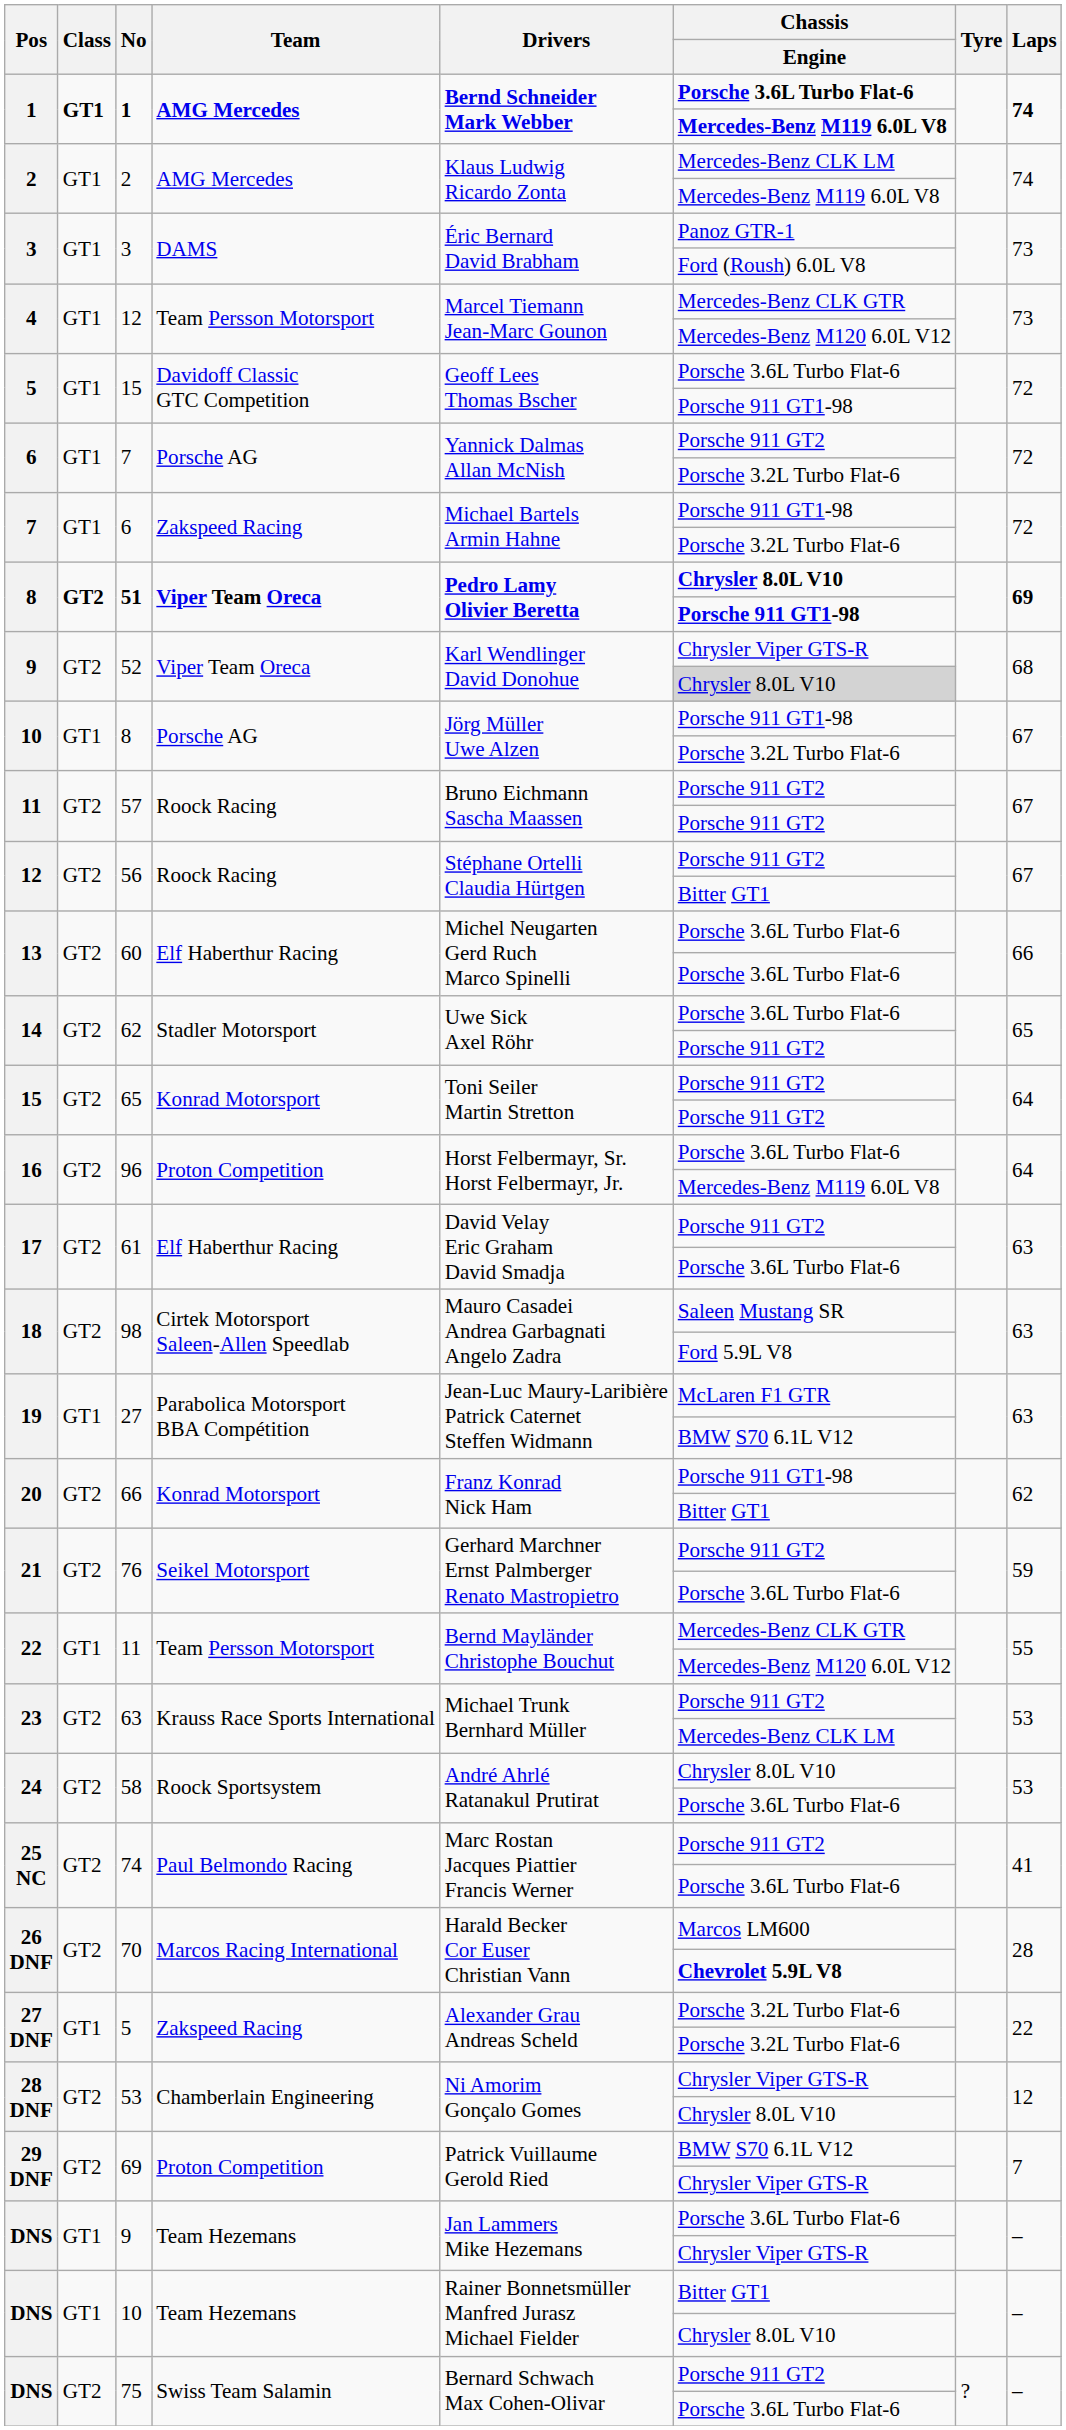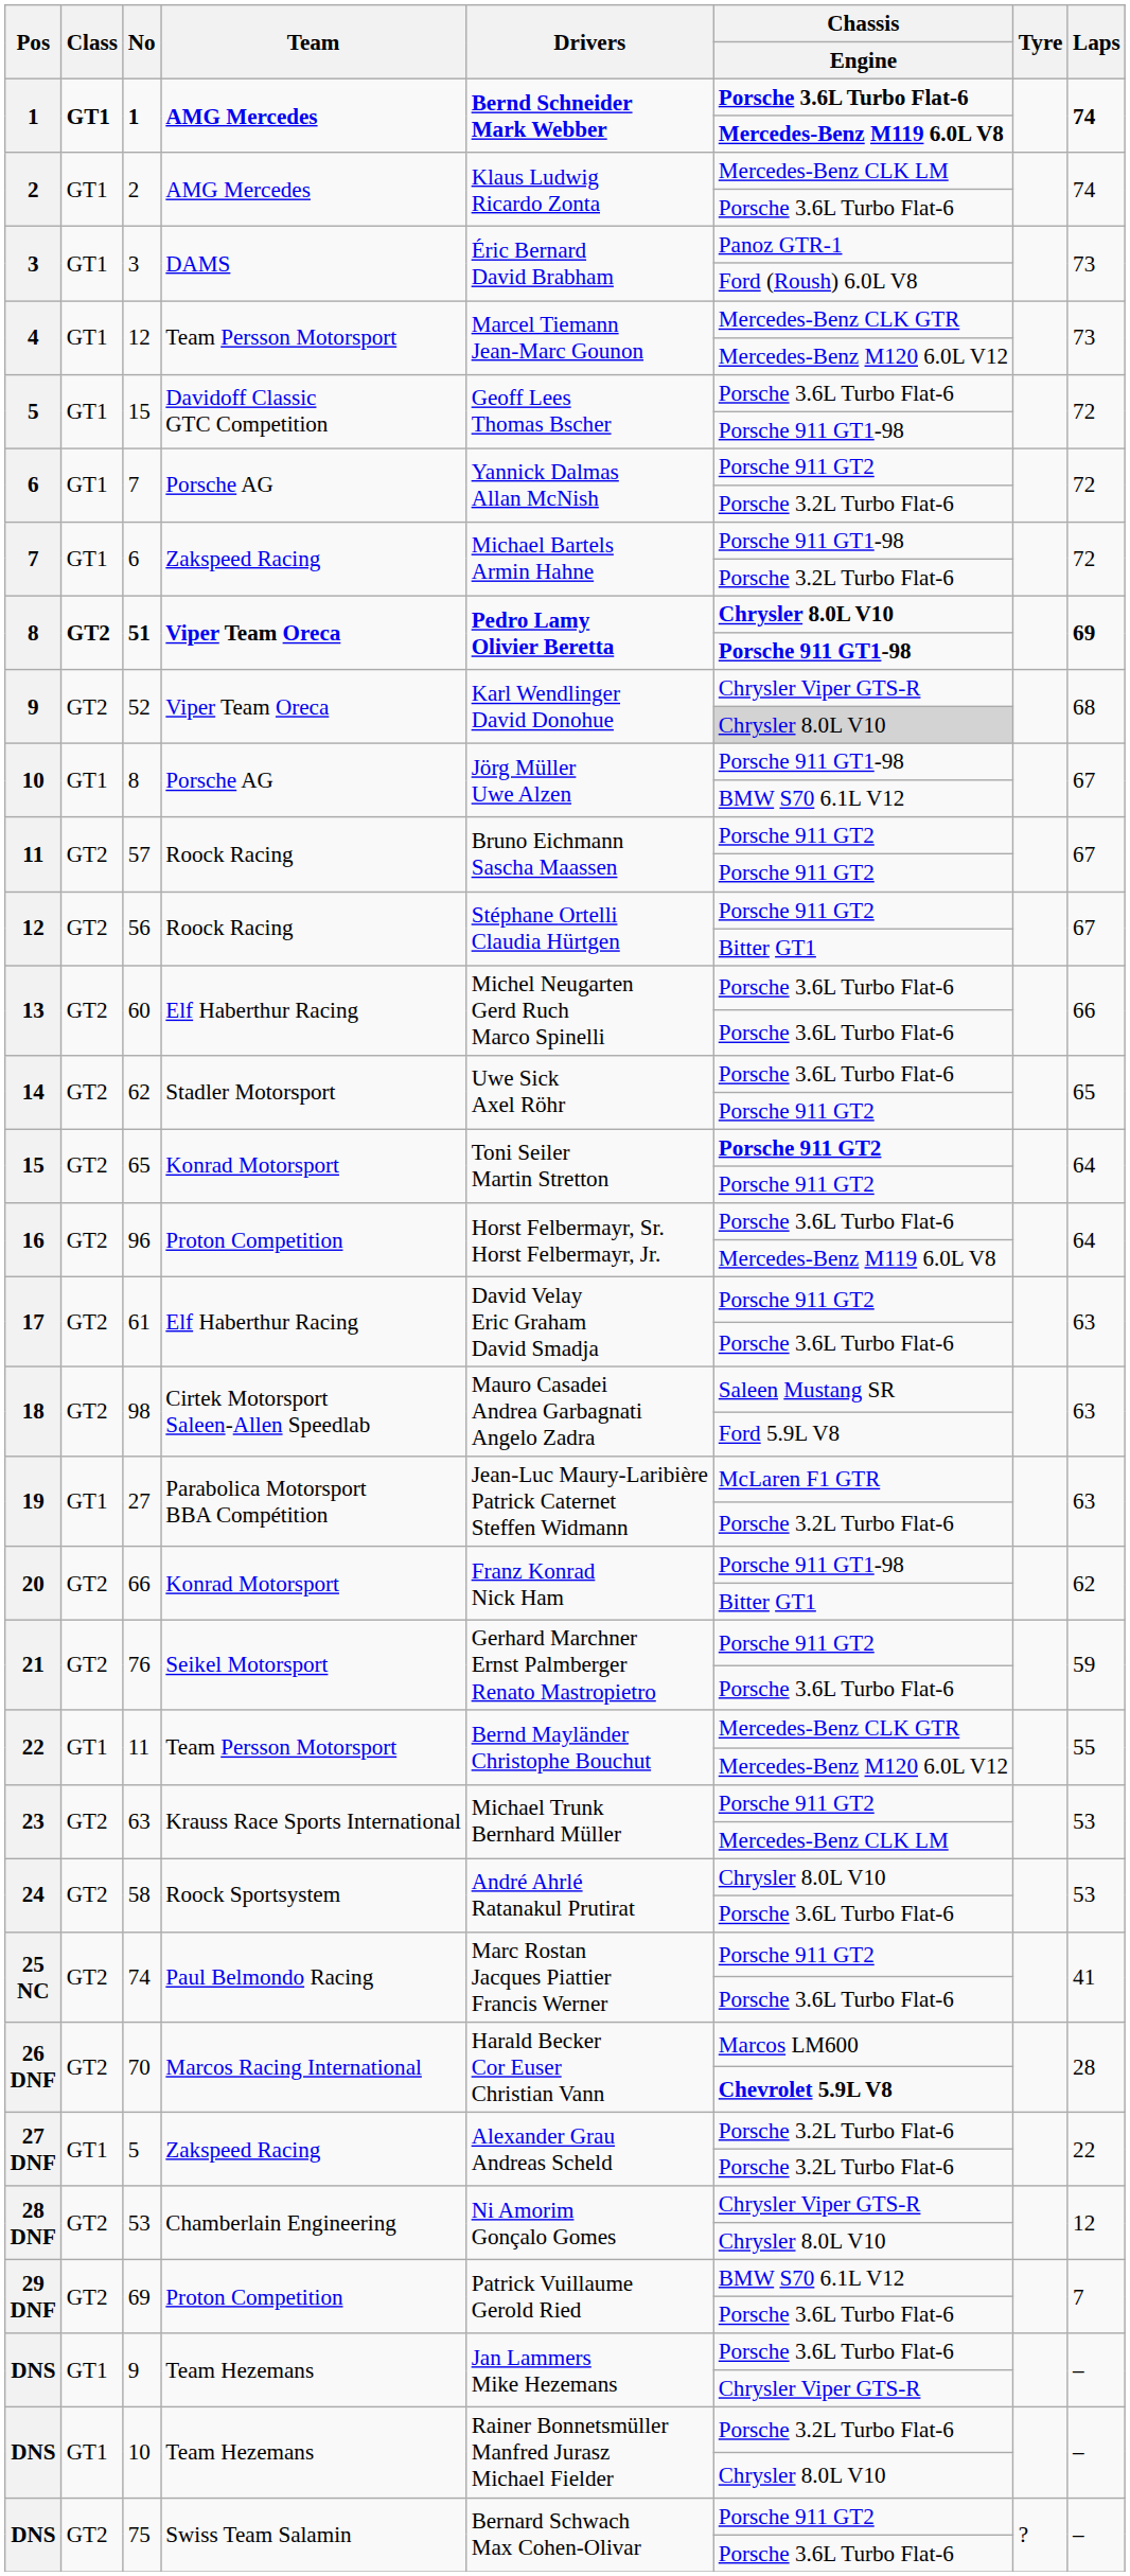 <table class="wikitable" style="font-size: 95%;">
 <tr>
 <th rowspan=2>Pos</th>
 <th rowspan=2>Class</th>
 <th rowspan=2>No</th>
 <th rowspan=2>Team</th>
 <th rowspan=2>Drivers</th>
 <th>Chassis</th>
 <th rowspan=2>Tyre</th>
 <th rowspan=2>Laps</th>
 </tr>
 <tr>
 <th>Engine</th>
 </tr>
 <tr style="font-weight:bold">
 <th rowspan=2>1</th>
 <td rowspan=2>GT1</td>
 <td rowspan=2>1</td>
 <td rowspan=2> <a href='#'>AMG Mercedes</a></td>
 <td rowspan=2> <a href='#'>Bernd Schneider</a><br> <a href='#'>Mark Webber</a></td>
 <td><a href='#'>Porsche</a> 3.6L Turbo Flat-6</td>
 <td rowspan=2></td>
 <td rowspan=2>74</td>
 </tr>
 <tr style="font-weight:bold">
 <td><a href='#'>Mercedes-Benz</a> <a href='#'>M119</a> 6.0L V8</td>
 </tr>
 <tr>
 <th rowspan=2>2</th>
 <td rowspan=2>GT1</td>
 <td rowspan=2>2</td>
 <td rowspan=2> <a href='#'>AMG Mercedes</a></td>
 <td rowspan=2> <a href='#'>Klaus Ludwig</a><br> <a href='#'>Ricardo Zonta</a></td>
 <td><a href='#'>Mercedes-Benz CLK LM</a></td>
 <td rowspan=2></td>
 <td rowspan=2>74</td>
 </tr>
 <tr>
-<td><a href='#'>Mercedes-Benz</a> <a href='#'>M119</a> 6.0L V8</td>
+<td><a href='#'>Porsche</a> 3.6L Turbo Flat-6</td>
 </tr>
 <tr>
 <th rowspan=2>3</th>
 <td rowspan=2>GT1</td>
 <td rowspan=2>3</td>
 <td rowspan=2> <a href='#'>DAMS</a></td>
 <td rowspan=2> <a href='#'>Éric Bernard</a><br> <a href='#'>David Brabham</a></td>
 <td><a href='#'>Panoz GTR-1</a></td>
 <td rowspan=2></td>
 <td rowspan=2>73</td>
 </tr>
 <tr>
 <td><a href='#'>Ford</a> (<a href='#'>Roush</a>) 6.0L V8</td>
 </tr>
 <tr>
 <th rowspan=2>4</th>
 <td rowspan=2>GT1</td>
 <td rowspan=2>12</td>
 <td rowspan=2> Team <a href='#'>Persson Motorsport</a></td>
 <td rowspan=2> <a href='#'>Marcel Tiemann</a><br> <a href='#'>Jean-Marc Gounon</a></td>
 <td><a href='#'>Mercedes-Benz CLK GTR</a></td>
 <td rowspan=2></td>
 <td rowspan=2>73</td>
 </tr>
 <tr>
 <td><a href='#'>Mercedes-Benz</a> <a href='#'>M120</a> 6.0L V12</td>
 </tr>
 <tr>
 <th rowspan=2>5</th>
 <td rowspan=2>GT1</td>
 <td rowspan=2>15</td>
 <td rowspan=2> <a href='#'>Davidoff Classic</a><br> GTC Competition</td>
 <td rowspan=2> <a href='#'>Geoff Lees</a><br> <a href='#'>Thomas Bscher</a></td>
 <td><a href='#'>Porsche</a> 3.6L Turbo Flat-6</td>
 <td rowspan=2></td>
 <td rowspan=2>72</td>
 </tr>
 <tr>
 <td><a href='#'>Porsche 911 GT1</a>-98</td>
 </tr>
 <tr>
 <th rowspan=2>6</th>
 <td rowspan=2>GT1</td>
 <td rowspan=2>7</td>
 <td rowspan=2> <a href='#'>Porsche</a> AG</td>
 <td rowspan=2> <a href='#'>Yannick Dalmas</a><br> <a href='#'>Allan McNish</a></td>
 <td><a href='#'>Porsche 911 GT2</a></td>
 <td rowspan=2></td>
 <td rowspan=2>72</td>
 </tr>
 <tr>
 <td><a href='#'>Porsche</a> 3.2L Turbo Flat-6</td>
 </tr>
 <tr>
 <th rowspan=2>7</th>
 <td rowspan=2>GT1</td>
 <td rowspan=2>6</td>
 <td rowspan=2> <a href='#'>Zakspeed Racing</a></td>
 <td rowspan=2> <a href='#'>Michael Bartels</a><br> <a href='#'>Armin Hahne</a></td>
 <td><a href='#'>Porsche 911 GT1</a>-98</td>
 <td rowspan=2></td>
 <td rowspan=2>72</td>
 </tr>
 <tr>
 <td><a href='#'>Porsche</a> 3.2L Turbo Flat-6</td>
 </tr>
 <tr style="font-weight:bold">
 <th rowspan=2>8</th>
 <td rowspan=2>GT2</td>
 <td rowspan=2>51</td>
 <td rowspan=2> <a href='#'>Viper</a> Team <a href='#'>Oreca</a></td>
 <td rowspan=2> <a href='#'>Pedro Lamy</a><br> <a href='#'>Olivier Beretta</a></td>
 <td><a href='#'>Chrysler</a> 8.0L V10</td>
 <td rowspan=2></td>
 <td rowspan=2>69</td>
 </tr>
 <tr style="font-weight:bold">
 <td><a href='#'>Porsche 911 GT1</a>-98</td>
 </tr>
 <tr>
 <th rowspan=2>9</th>
 <td rowspan=2>GT2</td>
 <td rowspan=2>52</td>
 <td rowspan=2> <a href='#'>Viper</a> Team <a href='#'>Oreca</a></td>
 <td rowspan=2> <a href='#'>Karl Wendlinger</a><br> <a href='#'>David Donohue</a></td>
 <td><a href='#'>Chrysler Viper GTS-R</a></td>
 <td rowspan=2></td>
 <td rowspan=2>68</td>
 </tr>
 <tr>
 <td style="background: lightgrey;"><a href='#'>Chrysler</a> 8.0L V10</td>
 </tr>
 <tr>
 <th rowspan=2>10</th>
 <td rowspan=2>GT1</td>
 <td rowspan=2>8</td>
 <td rowspan=2> <a href='#'>Porsche</a> AG</td>
 <td rowspan=2> <a href='#'>Jörg Müller</a><br> <a href='#'>Uwe Alzen</a></td>
 <td><a href='#'>Porsche 911 GT1</a>-98</td>
 <td rowspan=2></td>
 <td rowspan=2>67</td>
 </tr>
 <tr>
-<td><a href='#'>Porsche</a> 3.2L Turbo Flat-6</td>
+<td><a href='#'>BMW</a> <a href='#'>S70</a> 6.1L V12</td>
 </tr>
 <tr>
 <th rowspan=2>11</th>
 <td rowspan=2>GT2</td>
 <td rowspan=2>57</td>
 <td rowspan=2> Roock Racing</td>
 <td rowspan=2> Bruno Eichmann<br> <a href='#'>Sascha Maassen</a></td>
 <td><a href='#'>Porsche 911 GT2</a></td>
 <td rowspan=2></td>
 <td rowspan=2>67</td>
 </tr>
 <tr>
 <td><a href='#'>Porsche 911 GT2</a></td>
 </tr>
 <tr>
 <th rowspan=2>12</th>
 <td rowspan=2>GT2</td>
 <td rowspan=2>56</td>
 <td rowspan=2> Roock Racing</td>
 <td rowspan=2> <a href='#'>Stéphane Ortelli</a><br> <a href='#'>Claudia Hürtgen</a></td>
 <td><a href='#'>Porsche 911 GT2</a></td>
 <td rowspan=2></td>
 <td rowspan=2>67</td>
 </tr>
 <tr>
 <td><a href='#'>Bitter</a> <a href='#'>GT1</a></td>
 </tr>
 <tr>
 <th rowspan=2>13</th>
 <td rowspan=2>GT2</td>
 <td rowspan=2>60</td>
 <td rowspan=2> <a href='#'>Elf</a> Haberthur Racing</td>
 <td rowspan=2> Michel Neugarten<br> Gerd Ruch<br> Marco Spinelli</td>
 <td><a href='#'>Porsche</a> 3.6L Turbo Flat-6</td>
 <td rowspan=2></td>
 <td rowspan=2>66</td>
 </tr>
 <tr>
 <td><a href='#'>Porsche</a> 3.6L Turbo Flat-6</td>
 </tr>
 <tr>
 <th rowspan=2>14</th>
 <td rowspan=2>GT2</td>
 <td rowspan=2>62</td>
 <td rowspan=2> Stadler Motorsport</td>
 <td rowspan=2> Uwe Sick<br> Axel Röhr</td>
 <td><a href='#'>Porsche</a> 3.6L Turbo Flat-6</td>
 <td rowspan=2></td>
 <td rowspan=2>65</td>
 </tr>
 <tr>
 <td><a href='#'>Porsche 911 GT2</a></td>
 </tr>
 <tr>
 <th rowspan=2>15</th>
 <td rowspan=2>GT2</td>
 <td rowspan=2>65</td>
 <td rowspan=2> <a href='#'>Konrad Motorsport</a></td>
 <td rowspan=2> Toni Seiler<br> Martin Stretton</td>
-<td><a href='#'>Porsche 911 GT2</a></td>
+<td><strong><a href='#'>Porsche 911 GT2</a></strong></td>
 <td rowspan=2></td>
 <td rowspan=2>64</td>
 </tr>
 <tr>
 <td><a href='#'>Porsche 911 GT2</a></td>
 </tr>
 <tr>
 <th rowspan=2>16</th>
 <td rowspan=2>GT2</td>
 <td rowspan=2>96</td>
 <td rowspan=2> <a href='#'>Proton Competition</a></td>
 <td rowspan=2> Horst Felbermayr, Sr.<br> Horst Felbermayr, Jr.</td>
 <td><a href='#'>Porsche</a> 3.6L Turbo Flat-6</td>
 <td rowspan=2></td>
 <td rowspan=2>64</td>
 </tr>
 <tr>
 <td><a href='#'>Mercedes-Benz</a> <a href='#'>M119</a> 6.0L V8</td>
 </tr>
 <tr>
 <th rowspan=2>17</th>
 <td rowspan=2>GT2</td>
 <td rowspan=2>61</td>
 <td rowspan=2> <a href='#'>Elf</a> Haberthur Racing</td>
 <td rowspan=2> David Velay<br> Eric Graham<br> David Smadja</td>
 <td><a href='#'>Porsche 911 GT2</a></td>
 <td rowspan=2></td>
 <td rowspan=2>63</td>
 </tr>
 <tr>
 <td><a href='#'>Porsche</a> 3.6L Turbo Flat-6</td>
 </tr>
 <tr>
 <th rowspan=2>18</th>
 <td rowspan=2>GT2</td>
 <td rowspan=2>98</td>
 <td rowspan=2> Cirtek Motorsport<br> <a href='#'>Saleen</a>-<a href='#'>Allen</a> Speedlab</td>
 <td rowspan=2> Mauro Casadei<br> Andrea Garbagnati<br> Angelo Zadra</td>
 <td><a href='#'>Saleen</a> <a href='#'>Mustang</a> SR</td>
 <td rowspan=2></td>
 <td rowspan=2>63</td>
 </tr>
 <tr>
 <td><a href='#'>Ford</a> 5.9L V8</td>
 </tr>
 <tr>
 <th rowspan=2>19</th>
 <td rowspan=2>GT1</td>
 <td rowspan=2>27</td>
 <td rowspan=2> Parabolica Motorsport<br> BBA Compétition</td>
 <td rowspan=2> Jean-Luc Maury-Laribière<br> Patrick Caternet<br> Steffen Widmann</td>
 <td><a href='#'>McLaren F1 GTR</a></td>
 <td rowspan=2></td>
 <td rowspan=2>63</td>
 </tr>
 <tr>
-<td><a href='#'>BMW</a> <a href='#'>S70</a> 6.1L V12</td>
+<td><a href='#'>Porsche</a> 3.2L Turbo Flat-6</td>
 </tr>
 <tr>
 <th rowspan=2>20</th>
 <td rowspan=2>GT2</td>
 <td rowspan=2>66</td>
 <td rowspan=2> <a href='#'>Konrad Motorsport</a></td>
 <td rowspan=2> <a href='#'>Franz Konrad</a><br> Nick Ham</td>
 <td><a href='#'>Porsche 911 GT1</a>-98</td>
 <td rowspan=2></td>
 <td rowspan=2>62</td>
 </tr>
 <tr>
 <td><a href='#'>Bitter</a> <a href='#'>GT1</a></td>
 </tr>
 <tr>
 <th rowspan=2>21</th>
 <td rowspan=2>GT2</td>
 <td rowspan=2>76</td>
 <td rowspan=2> <a href='#'>Seikel Motorsport</a></td>
 <td rowspan=2> Gerhard Marchner<br> Ernst Palmberger<br> <a href='#'>Renato Mastropietro</a></td>
 <td><a href='#'>Porsche 911 GT2</a></td>
 <td rowspan=2></td>
 <td rowspan=2>59</td>
 </tr>
 <tr>
 <td><a href='#'>Porsche</a> 3.6L Turbo Flat-6</td>
 </tr>
 <tr>
 <th rowspan=2>22</th>
 <td rowspan=2>GT1</td>
 <td rowspan=2>11</td>
 <td rowspan=2> Team <a href='#'>Persson Motorsport</a></td>
 <td rowspan=2> <a href='#'>Bernd Mayländer</a><br> <a href='#'>Christophe Bouchut</a></td>
 <td><a href='#'>Mercedes-Benz CLK GTR</a></td>
 <td rowspan=2></td>
 <td rowspan=2>55</td>
 </tr>
 <tr>
 <td><a href='#'>Mercedes-Benz</a> <a href='#'>M120</a> 6.0L V12</td>
 </tr>
 <tr>
 <th rowspan=2>23</th>
 <td rowspan=2>GT2</td>
 <td rowspan=2>63</td>
 <td rowspan=2> Krauss Race Sports International</td>
 <td rowspan=2> Michael Trunk<br> Bernhard Müller</td>
 <td><a href='#'>Porsche 911 GT2</a></td>
 <td rowspan=2></td>
 <td rowspan=2>53</td>
 </tr>
 <tr>
 <td><a href='#'>Mercedes-Benz CLK LM</a></td>
 </tr>
 <tr>
 <th rowspan=2>24</th>
 <td rowspan=2>GT2</td>
 <td rowspan=2>58</td>
 <td rowspan=2> Roock Sportsystem</td>
 <td rowspan=2> <a href='#'>André Ahrlé</a><br> Ratanakul Prutirat</td>
 <td><a href='#'>Chrysler</a> 8.0L V10</td>
 <td rowspan=2></td>
 <td rowspan=2>53</td>
 </tr>
 <tr>
 <td><a href='#'>Porsche</a> 3.6L Turbo Flat-6</td>
 </tr>
 <tr>
 <th rowspan=2>25<br>NC</th>
 <td rowspan=2>GT2</td>
 <td rowspan=2>74</td>
 <td rowspan=2> <a href='#'>Paul Belmondo</a> Racing</td>
 <td rowspan=2> Marc Rostan<br> Jacques Piattier<br> Francis Werner</td>
 <td><a href='#'>Porsche 911 GT2</a></td>
 <td rowspan=2></td>
 <td rowspan=2>41</td>
 </tr>
 <tr>
 <td><a href='#'>Porsche</a> 3.6L Turbo Flat-6</td>
 </tr>
 <tr>
 <th rowspan=2>26<br>DNF</th>
 <td rowspan=2>GT2</td>
 <td rowspan=2>70</td>
 <td rowspan=2> <a href='#'>Marcos Racing International</a></td>
 <td rowspan=2> Harald Becker<br> <a href='#'>Cor Euser</a><br> Christian Vann</td>
 <td><a href='#'>Marcos</a> LM600</td>
 <td rowspan=2></td>
 <td rowspan=2>28</td>
 </tr>
 <tr>
 <td><strong><a href='#'>Chevrolet</a> 5.9L V8</strong></td>
 </tr>
 <tr>
 <th rowspan=2>27<br>DNF</th>
 <td rowspan=2>GT1</td>
 <td rowspan=2>5</td>
 <td rowspan=2> <a href='#'>Zakspeed Racing</a></td>
 <td rowspan=2> <a href='#'>Alexander Grau</a><br> Andreas Scheld</td>
 <td><a href='#'>Porsche</a> 3.2L Turbo Flat-6</td>
 <td rowspan=2></td>
 <td rowspan=2>22</td>
 </tr>
 <tr>
 <td><a href='#'>Porsche</a> 3.2L Turbo Flat-6</td>
 </tr>
 <tr>
 <th rowspan=2>28<br>DNF</th>
 <td rowspan=2>GT2</td>
 <td rowspan=2>53</td>
 <td rowspan=2> Chamberlain Engineering</td>
 <td rowspan=2> <a href='#'>Ni Amorim</a><br> Gonçalo Gomes</td>
 <td><a href='#'>Chrysler Viper GTS-R</a></td>
 <td rowspan=2></td>
 <td rowspan=2>12</td>
 </tr>
 <tr>
 <td><a href='#'>Chrysler</a> 8.0L V10</td>
 </tr>
 <tr>
 <th rowspan=2>29<br>DNF</th>
 <td rowspan=2>GT2</td>
 <td rowspan=2>69</td>
 <td rowspan=2> <a href='#'>Proton Competition</a></td>
 <td rowspan=2> Patrick Vuillaume<br> Gerold Ried</td>
 <td><a href='#'>BMW</a> <a href='#'>S70</a> 6.1L V12</td>
 <td rowspan=2></td>
 <td rowspan=2>7</td>
 </tr>
 <tr>
-<td><a href='#'>Chrysler Viper GTS-R</a></td>
+<td><a href='#'>Porsche</a> 3.6L Turbo Flat-6</td>
 </tr>
 <tr>
 <th rowspan=2>DNS</th>
 <td rowspan=2>GT1</td>
 <td rowspan=2>9</td>
 <td rowspan=2> Team Hezemans</td>
 <td rowspan=2> <a href='#'>Jan Lammers</a><br> Mike Hezemans</td>
 <td><a href='#'>Porsche</a> 3.6L Turbo Flat-6</td>
 <td rowspan=2></td>
 <td rowspan=2>–</td>
 </tr>
 <tr>
 <td><a href='#'>Chrysler Viper GTS-R</a></td>
 </tr>
 <tr>
 <th rowspan=2>DNS</th>
 <td rowspan=2>GT1</td>
 <td rowspan=2>10</td>
 <td rowspan=2> Team Hezemans</td>
 <td rowspan=2> Rainer Bonnetsmüller<br> Manfred Jurasz<br> Michael Fielder</td>
-<td><a href='#'>Bitter</a> <a href='#'>GT1</a></td>
+<td><a href='#'>Porsche</a> 3.2L Turbo Flat-6</td>
 <td rowspan=2></td>
 <td rowspan=2>–</td>
 </tr>
 <tr>
 <td><a href='#'>Chrysler</a> 8.0L V10</td>
 </tr>
 <tr>
 <th rowspan=2>DNS</th>
 <td rowspan=2>GT2</td>
 <td rowspan=2>75</td>
 <td rowspan=2> Swiss Team Salamin</td>
 <td rowspan=2> Bernard Schwach<br> Max Cohen-Olivar</td>
 <td><a href='#'>Porsche 911 GT2</a></td>
 <td rowspan=2>?</td>
 <td rowspan=2>–</td>
 </tr>
 <tr>
 <td><a href='#'>Porsche</a> 3.6L Turbo Flat-6</td>
 </tr>
 </table>
